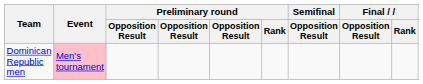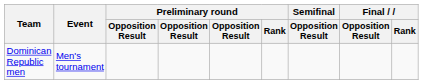 <table class="wikitable" style="font-size:90%;text-align:center">
 <tr>
 <th rowspan=2>Team</th>
 <th rowspan=2>Event</th>
 <th colspan=4>Preliminary round</th>
 <th>Semifinal</th>
 <th colspan=2>Final /  / </th>
 </tr>
 <tr style=font-size:95%>
 <th>Opposition<br>Result</th>
 <th>Opposition<br>Result</th>
 <th>Opposition<br>Result</th>
 <th>Rank</th>
 <th>Opposition<br>Result</th>
 <th>Opposition<br>Result</th>
 <th>Rank</th>
 </tr>
 <tr>
 <td style="text-align:left"><a href='#'>Dominican Republic men</a></td>
-<td style="background: pink; text-align:left"><a href='#'>Men's tournament</a></td>
+<td style="text-align:left"><a href='#'>Men's tournament</a></td>
 <td></td>
 <td></td>
 <td></td>
 <td></td>
 <td></td>
 <td></td>
 <td></td>
 </tr>
 </table>
